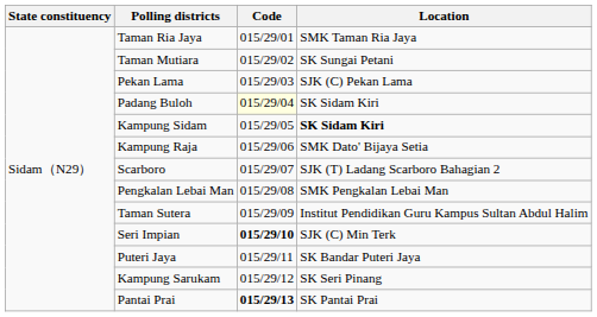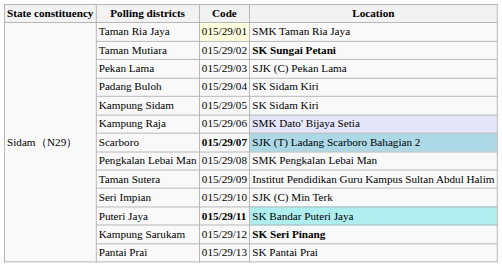 <table class="wikitable sortable mw-collapsible" style="white-space:nowrap;font-size:85%">
 <tr>
 <th>State constituency</th>
 <th>Polling districts</th>
 <th>Code</th>
 <th>Location</th>
 </tr>
 <tr>
 <td rowspan="13">Sidam（N29）</td>
 <td>Taman Ria Jaya</td>
-<td>015/29/01</td>
+<td style="background: lightyellow;">015/29/01</td>
 <td>SMK Taman Ria Jaya</td>
 </tr>
 <tr>
 <td>Taman Mutiara</td>
 <td>015/29/02</td>
-<td>SK Sungai Petani</td>
+<td><strong>SK Sungai Petani</strong></td>
 </tr>
 <tr>
 <td>Pekan Lama</td>
 <td>015/29/03</td>
 <td>SJK (C) Pekan Lama</td>
 </tr>
 <tr>
 <td>Padang Buloh</td>
-<td style="background: lightyellow;">015/29/04</td>
+<td>015/29/04</td>
 <td>SK Sidam Kiri</td>
 </tr>
 <tr>
 <td>Kampung Sidam</td>
 <td>015/29/05</td>
-<td><strong>SK Sidam Kiri</strong></td>
+<td>SK Sidam Kiri</td>
 </tr>
 <tr>
 <td>Kampung Raja</td>
 <td>015/29/06</td>
-<td>SMK Dato' Bijaya Setia</td>
+<td style="background: lavender;">SMK Dato' Bijaya Setia</td>
 </tr>
 <tr>
 <td>Scarboro</td>
-<td>015/29/07</td>
-<td>SJK (T) Ladang Scarboro Bahagian 2</td>
+<td><strong>015/29/07</strong></td>
+<td style="background: lightblue;">SJK (T) Ladang Scarboro Bahagian 2</td>
 </tr>
 <tr>
 <td>Pengkalan Lebai Man</td>
 <td>015/29/08</td>
 <td>SMK Pengkalan Lebai Man</td>
 </tr>
 <tr>
 <td>Taman Sutera</td>
 <td>015/29/09</td>
 <td>Institut Pendidikan Guru Kampus Sultan Abdul Halim</td>
 </tr>
 <tr>
 <td>Seri Impian</td>
-<td><strong>015/29/10</strong></td>
+<td>015/29/10</td>
 <td>SJK (C) Min Terk</td>
 </tr>
 <tr>
 <td>Puteri Jaya</td>
-<td>015/29/11</td>
-<td>SK Bandar Puteri Jaya</td>
+<td><strong>015/29/11</strong></td>
+<td style="background: paleturquoise;">SK Bandar Puteri Jaya</td>
 </tr>
 <tr>
 <td>Kampung Sarukam</td>
 <td>015/29/12</td>
-<td>SK Seri Pinang</td>
+<td><strong>SK Seri Pinang</strong></td>
 </tr>
 <tr>
 <td>Pantai Prai</td>
-<td><strong>015/29/13</strong></td>
+<td>015/29/13</td>
 <td>SK Pantai Prai</td>
 </tr>
 </table>
